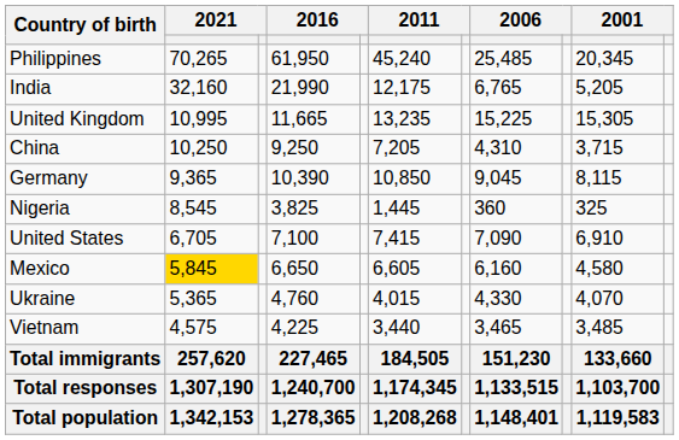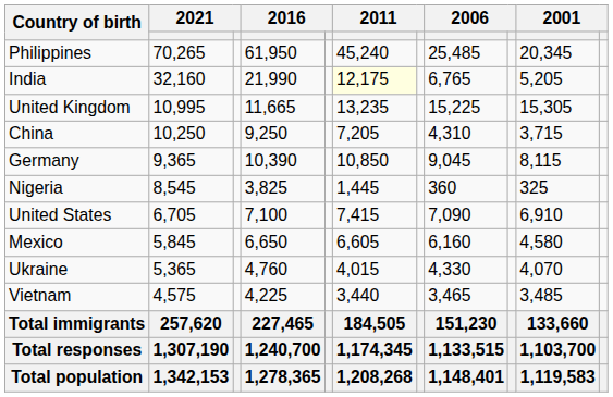 <table class="wikitable sortable">
 <tr>
 <th rowspan="2">Country of birth</th>
 <th colspan="2">2021</th>
 <th colspan="2">2016</th>
 <th colspan="2">2011</th>
 <th colspan="2">2006</th>
 <th colspan="2">2001</th>
 </tr>
 <tr>
 <th><a href='#'></a></th>
 <th></th>
 <th></th>
 <th></th>
 <th></th>
 <th></th>
 <th></th>
 <th></th>
 <th></th>
 <th></th>
 </tr>
 <tr>
 <td>Philippines</td>
 <td>70,265</td>
 <td></td>
 <td>61,950</td>
 <td></td>
 <td>45,240</td>
 <td></td>
 <td>25,485</td>
 <td></td>
 <td>20,345</td>
 <td></td>
 </tr>
 <tr>
 <td>India</td>
 <td>32,160</td>
 <td></td>
 <td>21,990</td>
 <td></td>
-<td>12,175</td>
+<td style="background: lightyellow;">12,175</td>
 <td></td>
 <td>6,765</td>
 <td></td>
 <td>5,205</td>
 <td></td>
 </tr>
 <tr>
 <td>United Kingdom</td>
 <td>10,995</td>
 <td></td>
 <td>11,665</td>
 <td></td>
 <td>13,235</td>
 <td></td>
 <td>15,225</td>
 <td></td>
 <td>15,305</td>
 <td></td>
 </tr>
 <tr>
 <td>China</td>
 <td>10,250</td>
 <td></td>
 <td>9,250</td>
 <td></td>
 <td>7,205</td>
 <td></td>
 <td>4,310</td>
 <td></td>
 <td>3,715</td>
 <td></td>
 </tr>
 <tr>
 <td>Germany</td>
 <td>9,365</td>
 <td></td>
 <td>10,390</td>
 <td></td>
 <td>10,850</td>
 <td></td>
 <td>9,045</td>
 <td></td>
 <td>8,115</td>
 <td></td>
 </tr>
 <tr>
 <td>Nigeria</td>
 <td>8,545</td>
 <td></td>
 <td>3,825</td>
 <td></td>
 <td>1,445</td>
 <td></td>
 <td>360</td>
 <td></td>
 <td>325</td>
 <td></td>
 </tr>
 <tr>
 <td>United States</td>
 <td>6,705</td>
 <td></td>
 <td>7,100</td>
 <td></td>
 <td>7,415</td>
 <td></td>
 <td>7,090</td>
 <td></td>
 <td>6,910</td>
 <td></td>
 </tr>
 <tr>
 <td>Mexico</td>
-<td style="background: gold;">5,845</td>
+<td>5,845</td>
 <td></td>
 <td>6,650</td>
 <td></td>
 <td>6,605</td>
 <td></td>
 <td>6,160</td>
 <td></td>
 <td>4,580</td>
 <td></td>
 </tr>
 <tr>
 <td>Ukraine</td>
 <td>5,365</td>
 <td></td>
 <td>4,760</td>
 <td></td>
 <td>4,015</td>
 <td></td>
 <td>4,330</td>
 <td></td>
 <td>4,070</td>
 <td></td>
 </tr>
 <tr>
 <td>Vietnam</td>
 <td>4,575</td>
 <td></td>
 <td>4,225</td>
 <td></td>
 <td>3,440</td>
 <td></td>
 <td>3,465</td>
 <td></td>
 <td>3,485</td>
 <td></td>
 </tr>
 <tr>
 <th>Total immigrants</th>
 <th>257,620</th>
 <th></th>
 <th>227,465</th>
 <th></th>
 <th>184,505</th>
 <th></th>
 <th>151,230</th>
 <th></th>
 <th>133,660</th>
 <th></th>
 </tr>
 <tr class="sortbottom">
 <th>Total responses</th>
 <th>1,307,190</th>
 <th></th>
 <th>1,240,700</th>
 <th></th>
 <th>1,174,345</th>
 <th></th>
 <th>1,133,515</th>
 <th></th>
 <th>1,103,700</th>
 <th></th>
 </tr>
 <tr class="sortbottom">
 <th>Total population</th>
 <th>1,342,153</th>
 <th></th>
 <th>1,278,365</th>
 <th></th>
 <th>1,208,268</th>
 <th></th>
 <th>1,148,401</th>
 <th></th>
 <th>1,119,583</th>
 <th></th>
 </tr>
 </table>
